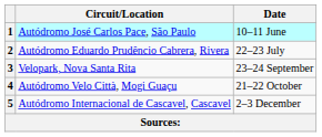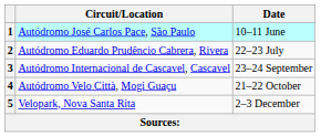 <table class="wikitable" style="font-size: 85%">
 <tr>
 <th></th>
 <th>Circuit/Location</th>
 <th>Date</th>
 </tr>
 <tr style="background:#bbffff;">
 <th>1</th>
 <td> <a href='#'>Autódromo José Carlos Pace</a>, <a href='#'>São Paulo</a></td>
 <td>10–11 June</td>
 </tr>
 <tr>
 <th>2</th>
 <td> <a href='#'>Autódromo Eduardo Prudêncio Cabrera</a>, <a href='#'>Rivera</a></td>
 <td>22–23 July</td>
 </tr>
 <tr>
 <th>3</th>
-<td> <a href='#'>Velopark, Nova Santa Rita</a></td>
+<td> <a href='#'>Autódromo Internacional de Cascavel</a>, <a href='#'>Cascavel</a></td>
 <td>23–24 September</td>
 </tr>
 <tr>
 <th>4</th>
 <td> <a href='#'>Autódromo Velo Città</a>, <a href='#'>Mogi Guaçu</a></td>
 <td>21–22 October</td>
 </tr>
 <tr>
 <th>5</th>
-<td> <a href='#'>Autódromo Internacional de Cascavel</a>, <a href='#'>Cascavel</a></td>
+<td> <a href='#'>Velopark, Nova Santa Rita</a></td>
 <td>2–3 December</td>
 </tr>
 <tr>
 <th colspan="3">Sources:</th>
 </tr>
 </table>
